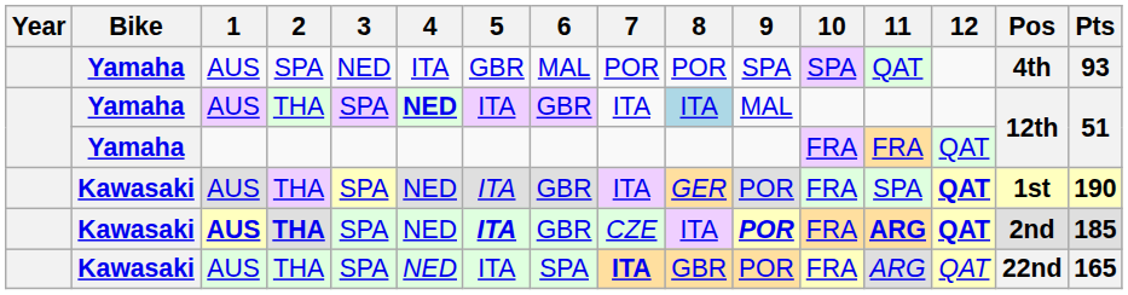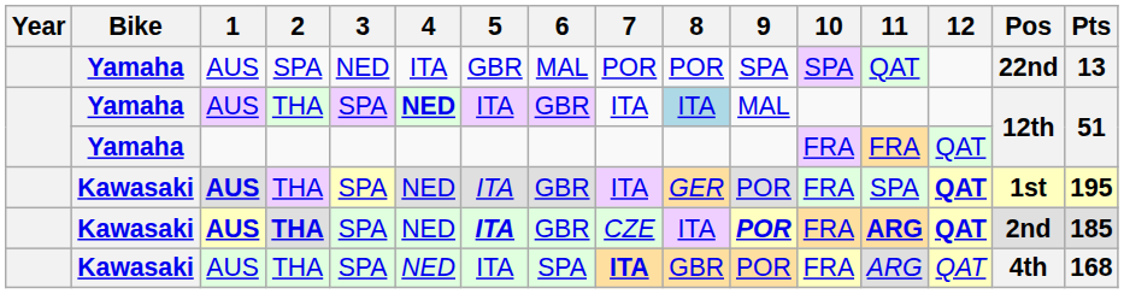 <table class="wikitable" style="text-align:center; font-size:90%;">
 <tr>
 <th>Year</th>
 <th>Bike</th>
 <th>1</th>
 <th>2</th>
 <th>3</th>
 <th>4</th>
 <th>5</th>
 <th>6</th>
 <th>7</th>
 <th>8</th>
 <th>9</th>
 <th>10</th>
 <th>11</th>
 <th>12</th>
 <th>Pos</th>
 <th>Pts</th>
 </tr>
 <tr>
 <th></th>
 <th><a href='#'>Yamaha</a></th>
 <td><a href='#'>AUS</a></td>
 <td><a href='#'>SPA</a></td>
 <td><a href='#'>NED</a></td>
 <td><a href='#'>ITA</a></td>
 <td><a href='#'>GBR</a></td>
 <td><a href='#'>MAL</a></td>
 <td><a href='#'>POR</a></td>
 <td><a href='#'>POR</a></td>
 <td><a href='#'>SPA</a></td>
 <td style="background:#EFCFFF;"><a href='#'>SPA</a><br></td>
 <td style="background:#DFFFDF;"><a href='#'>QAT</a><br></td>
 <td></td>
-<th>4th</th>
-<th>93</th>
+<th>22nd</th>
+<th>13</th>
 </tr>
 <tr>
 <th rowspan="2"></th>
 <th><a href='#'>Yamaha</a></th>
 <td style="background:#EFCFFF;"><a href='#'>AUS</a><br></td>
 <td style="background:#DFFFDF;"><a href='#'>THA</a><br></td>
 <td style="background:#EFCFFF;"><a href='#'>SPA</a><br></td>
 <td style="background:#DFFFDF;"><strong><a href='#'>NED</a><br></strong></td>
 <td style="background:#EFCFFF;"><a href='#'>ITA</a><br></td>
 <td style="background:#EFCFFF;"><a href='#'>GBR</a><br></td>
 <td><a href='#'>ITA</a></td>
 <td style="background: lightblue;"><a href='#'>ITA</a></td>
 <td><a href='#'>MAL</a></td>
 <td></td>
 <td></td>
 <td></td>
 <th rowspan="2">12th</th>
 <th rowspan="2">51</th>
 </tr>
 <tr>
 <th><a href='#'>Yamaha</a></th>
 <td></td>
 <td></td>
 <td></td>
 <td></td>
 <td></td>
 <td></td>
 <td></td>
 <td></td>
 <td></td>
 <td style="background:#EFCFFF;"><a href='#'>FRA</a><br></td>
 <td style="background:#FFDF9F;"><a href='#'>FRA</a><br></td>
 <td style="background:#DFFFDF;"><a href='#'>QAT</a><br></td>
 </tr>
 <tr>
 <th></th>
 <th><a href='#'>Kawasaki</a></th>
-<td style="background:#DFDFDF;"><a href='#'>AUS</a><br></td>
+<td style="background:#DFDFDF;"><strong><a href='#'>AUS</a><br></strong></td>
 <td style="background:#EFCFFF;"><a href='#'>THA</a><br></td>
 <td style="background:#FFFFBF;"><a href='#'>SPA</a><br></td>
 <td style="background:#DFDFDF;"><a href='#'>NED</a><br></td>
 <td style="background:#DFDFDF;"><em><a href='#'>ITA</a></em><br></td>
 <td style="background:#DFDFDF;"><a href='#'>GBR</a><br></td>
 <td style="background:#EFCFFF;"><a href='#'>ITA</a><br></td>
 <td style="background:#FFDF9F;"><em><a href='#'>GER</a></em><br></td>
 <td style="background:#DFDFDF;"><a href='#'>POR</a><br></td>
 <td style="background:#DFFFDF;"><a href='#'>FRA</a><br></td>
 <td style="background:#DFFFDF;"><a href='#'>SPA</a><br></td>
 <td style="background:#FFFFBF;"><strong><a href='#'>QAT</a></strong><br></td>
 <th style="background:#FFFFBF;">1st</th>
-<th style="background:#FFFFBF;">190</th>
+<th style="background:#FFFFBF;">195</th>
 </tr>
 <tr>
 <th></th>
 <th><a href='#'>Kawasaki</a></th>
 <td style="background:#FFFFBF;"><strong><a href='#'>AUS</a></strong><br></td>
 <td style="background:#DFDFDF;"><strong><a href='#'>THA</a></strong><br></td>
 <td style="background:#DFFFDF;"><a href='#'>SPA</a><br></td>
 <td style="background:#DFFFDF;"><a href='#'>NED</a><br></td>
 <td style="background:#DFFFDF;"><strong><em><a href='#'>ITA</a></em></strong><br></td>
 <td style="background:#DFFFDF;"><a href='#'>GBR</a><br></td>
 <td style="background:#DFFFDF;"><em><a href='#'>CZE</a></em><br></td>
 <td style="background:#EFCFFF;"><a href='#'>ITA</a><br></td>
 <td style="background:#FFFFBF;"><strong><em><a href='#'>POR</a></em></strong><br></td>
 <td style="background:#FFDF9F;"><a href='#'>FRA</a><br></td>
 <td style="background:#FFDF9F;"><strong><a href='#'>ARG</a></strong><br></td>
 <td style="background:#FFFFBF;"><strong><a href='#'>QAT</a></strong><br></td>
 <th style="background:#DFDFDF;">2nd</th>
 <th style="background:#DFDFDF;">185</th>
 </tr>
 <tr>
 <th></th>
 <th><a href='#'>Kawasaki</a></th>
 <td style="background:#DFFFDF;"><a href='#'>AUS</a><br></td>
 <td style="background:#DFFFDF;"><a href='#'>THA</a><br></td>
 <td style="background:#DFFFDF;"><a href='#'>SPA</a><br></td>
 <td style="background:#DFFFDF;"><em><a href='#'>NED</a></em><br></td>
 <td style="background:#DFFFDF;"><a href='#'>ITA</a><br></td>
 <td style="background:#DFFFDF;"><a href='#'>SPA</a><br></td>
 <td style="background:#FFDF9F;"><strong><a href='#'>ITA</a></strong><br></td>
 <td style="background:#FFDF9F;"><a href='#'>GBR</a><br></td>
 <td style="background:#FFDF9F;"><a href='#'>POR</a><br></td>
 <td style="background:#FFFFBF;"><a href='#'>FRA</a><br></td>
 <td style="background:#DFDFDF;"><em><a href='#'>ARG</a></em><br></td>
 <td style="background:#FFFFBF;"><em><a href='#'>QAT</a></em><br></td>
-<th>22nd</th>
-<th>165</th>
+<th>4th</th>
+<th>168</th>
 </tr>
 </table>
